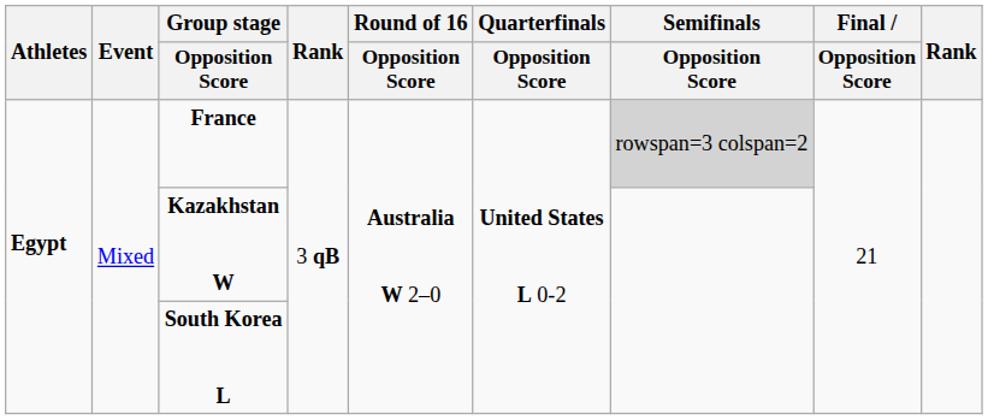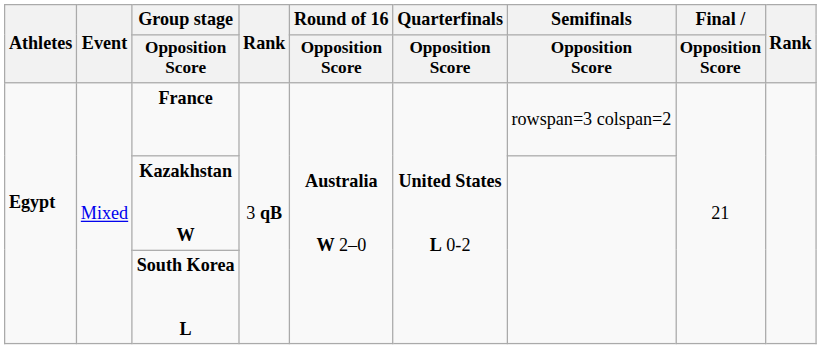 <table class=wikitable style="font-size:90%">
 <tr>
 <th rowspan="2">Athletes</th>
 <th rowspan="2">Event</th>
 <th>Group stage</th>
 <th rowspan="2">Rank</th>
 <th>Round of 16</th>
 <th>Quarterfinals</th>
 <th>Semifinals</th>
 <th>Final / </th>
 <th rowspan=2>Rank</th>
 </tr>
 <tr style="font-size:95%">
 <th>Opposition<br>Score</th>
 <th>Opposition<br>Score</th>
 <th>Opposition<br>Score</th>
 <th>Opposition<br>Score</th>
 <th>Opposition<br>Score</th>
 </tr>
 <tr align=center>
 <td align=left rowspan=3><strong>Egypt</strong><br><br></td>
 <td align=left rowspan=3><a href='#'>Mixed</a></td>
 <td><strong>France</strong><br><br><br></td>
 <td rowspan=3>3 <strong>qB</strong></td>
 <td rowspan=3><strong>Australia</strong><br><br><br><strong>W</strong> 2–0</td>
 <td rowspan=3><strong>United States</strong><br><br><br><strong>L</strong> 0-2</td>
-<td style="background: lightgrey;">rowspan=3 colspan=2</td>
+<td>rowspan=3 colspan=2</td>
 <td rowspan=3>21</td>
 </tr>
 <tr align=center>
 <td><strong>Kazakhstan</strong><br><br><br><strong>W</strong></td>
 </tr>
 <tr align=center>
 <td><strong>South Korea</strong><br><br><br><strong>L</strong></td>
 </tr>
 </table>
